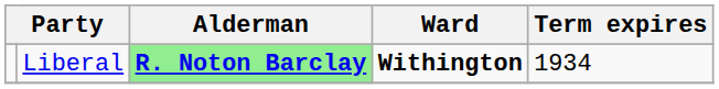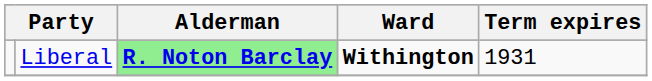 <table class="wikitable">
 <tr>
 <th colspan="2">Party</th>
 <th>Alderman</th>
 <th>Ward</th>
 <th>Term expires</th>
 </tr>
 <tr>
 <td style="background-color:"></td>
 <td><a href='#'>Liberal</a></td>
 <td style="background: lightgreen;"><strong><a href='#'>R. Noton Barclay</a></strong></td>
 <td><strong>Withington</strong></td>
-<td>1934</td>
+<td>1931</td>
 </tr>
 <tr>
 </tr>
 </table>
